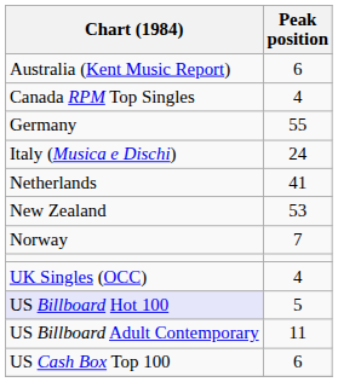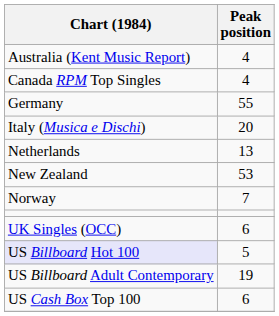 <table class="wikitable plainrowheaders sortable">
 <tr>
 <th>Chart (1984)</th>
 <th>Peak<br>position</th>
 </tr>
 <tr>
 <td>Australia (<a href='#'>Kent Music Report</a>)</td>
-<td style="text-align:center;">6</td>
+<td style="text-align:center;">4</td>
 </tr>
 <tr>
 <td>Canada <em><a href='#'>RPM</a></em> Top Singles</td>
 <td style="text-align:center;">4</td>
 </tr>
 <tr>
 <td>Germany</td>
 <td style="text-align:center;">55</td>
 </tr>
 <tr>
 <td>Italy (<em><a href='#'>Musica e Dischi</a></em>)</td>
-<td align="center">24</td>
+<td align="center">20</td>
 </tr>
 <tr>
 <td>Netherlands</td>
-<td style="text-align:center;">41</td>
+<td style="text-align:center;">13</td>
 </tr>
 <tr>
 <td>New Zealand</td>
 <td style="text-align:center;">53</td>
 </tr>
 <tr>
 <td>Norway</td>
 <td style="text-align:center;">7</td>
 </tr>
 <tr>
 <td></td>
 </tr>
 <tr>
 <td><a href='#'>UK Singles</a> (<a href='#'>OCC</a>)</td>
-<td style="text-align:center;">4</td>
+<td style="text-align:center;">6</td>
 </tr>
 <tr>
 <td style="background: lavender;">US <em><a href='#'>Billboard</a></em> <a href='#'>Hot 100</a></td>
 <td style="text-align:center;">5</td>
 </tr>
 <tr>
 <td>US <em>Billboard</em> <a href='#'>Adult Contemporary</a></td>
-<td style="text-align:center;">11</td>
+<td style="text-align:center;">19</td>
 </tr>
 <tr>
 <td>US <a href='#'><em>Cash Box</em></a> Top 100</td>
 <td align="center">6</td>
 </tr>
 <tr>
 </tr>
 </table>
